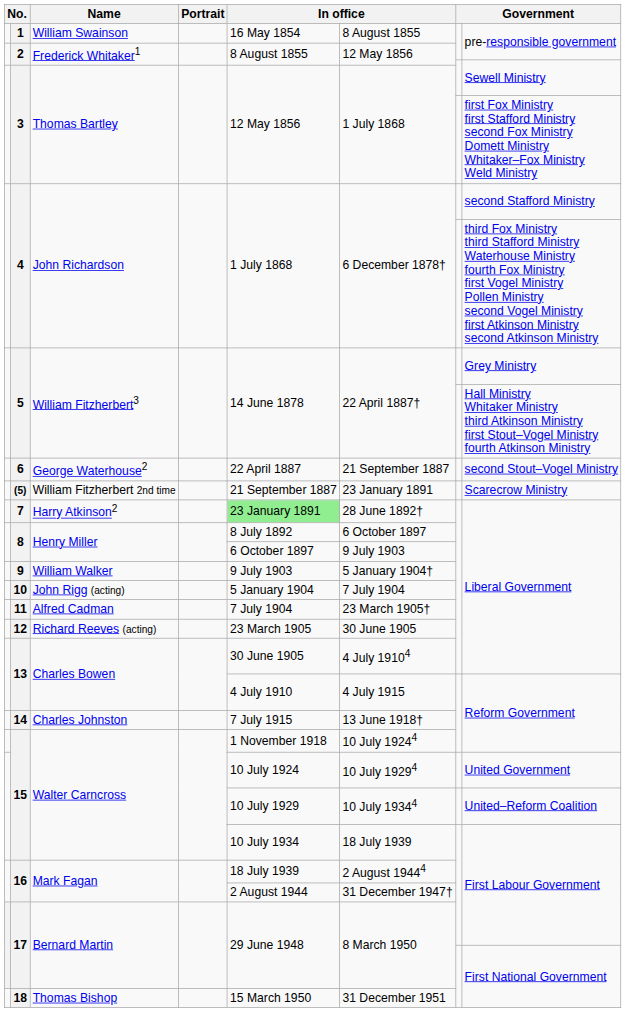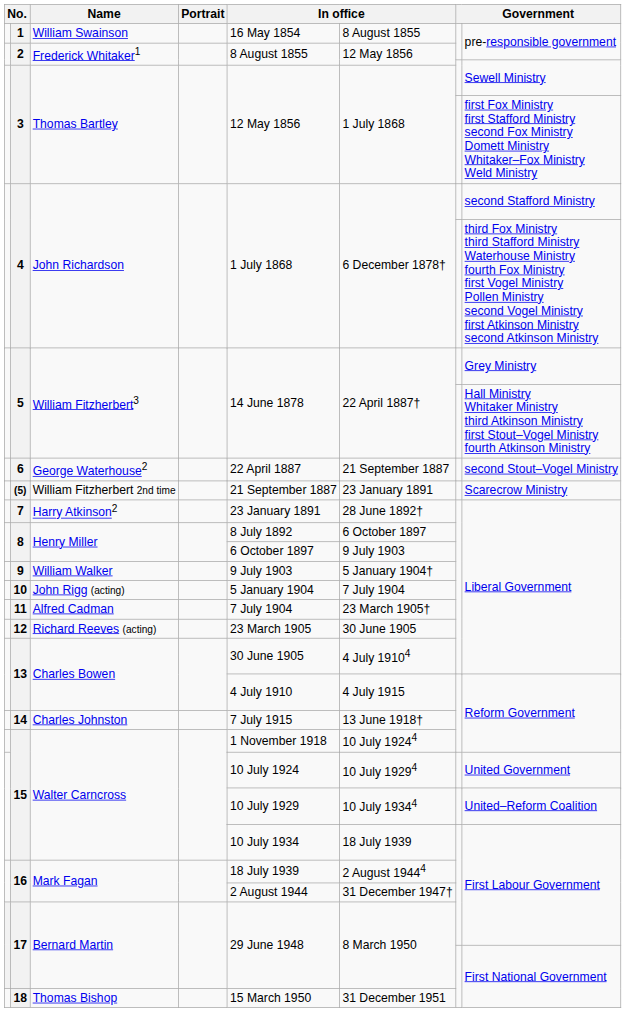 <table class="wikitable">
 <tr>
 <th colspan=2>No.</th>
 <th>Name</th>
 <th>Portrait</th>
 <th colspan=2>In office</th>
 <th colspan=2>Government</th>
 </tr>
 <tr>
 <td width=1 bgcolor=></td>
 <th>1</th>
 <td><a href='#'>William Swainson</a></td>
 <td></td>
 <td>16 May 1854</td>
 <td>8 August 1855</td>
 <td width=1 rowspan=2 height=40 bgcolor=></td>
 <td rowspan=2>pre-<a href='#'>responsible government</a></td>
 </tr>
 <tr>
 <td rowspan=2 bgcolor=></td>
 <th rowspan=2>2</th>
 <td rowspan=2><a href='#'>Frederick Whitaker</a><sup>1</sup></td>
 <td rowspan=2></td>
 <td rowspan=2>8 August 1855</td>
 <td rowspan=2>12 May 1856</td>
 </tr>
 <tr>
 <td rowspan=2 height=40 bgcolor=></td>
 <td rowspan=2><a href='#'>Sewell Ministry</a></td>
 </tr>
 <tr>
 <td rowspan=3 bgcolor=></td>
 <th rowspan=3>3</th>
 <td rowspan=3><a href='#'>Thomas Bartley</a></td>
 <td rowspan=3></td>
 <td rowspan=3>12 May 1856</td>
 <td rowspan=3>1 July 1868</td>
 </tr>
 <tr>
 <td bgcolor=></td>
 <td><a href='#'>first Fox Ministry</a><br> <a href='#'>first Stafford Ministry</a><br> <a href='#'>second Fox Ministry</a><br> <a href='#'>Domett Ministry</a><br> <a href='#'>Whitaker–Fox Ministry</a><br> <a href='#'>Weld Ministry</a></td>
 </tr>
 <tr>
 <td rowspan=2 height=40 bgcolor=></td>
 <td rowspan=2><a href='#'>second Stafford Ministry</a></td>
 </tr>
 <tr>
 <td rowspan=3 bgcolor=></td>
 <th rowspan=3>4</th>
 <td rowspan=3><a href='#'>John Richardson</a></td>
 <td rowspan=3></td>
 <td rowspan=3>1 July 1868</td>
 <td rowspan=3>6 December 1878†</td>
 </tr>
 <tr>
 <td bgcolor=></td>
 <td><a href='#'>third Fox Ministry</a><br> <a href='#'>third Stafford Ministry</a><br> <a href='#'>Waterhouse Ministry</a><br> <a href='#'>fourth Fox Ministry</a><br> <a href='#'>first Vogel Ministry</a><br> <a href='#'>Pollen Ministry</a><br> <a href='#'>second Vogel Ministry</a><br> <a href='#'>first Atkinson Ministry</a><br> <a href='#'>second Atkinson Ministry</a></td>
 </tr>
 <tr>
 <td rowspan=2 height=40 bgcolor=></td>
 <td rowspan=2><a href='#'>Grey Ministry</a></td>
 </tr>
 <tr>
 <td rowspan=3 bgcolor=></td>
 <th rowspan=3>5</th>
 <td rowspan=3><a href='#'>William Fitzherbert</a><sup>3</sup></td>
 <td rowspan=3></td>
 <td rowspan=3>14 June 1878</td>
 <td rowspan=3>22 April 1887†</td>
 </tr>
 <tr>
 <td bgcolor=></td>
 <td><a href='#'>Hall Ministry</a><br> <a href='#'>Whitaker Ministry</a><br> <a href='#'>third Atkinson Ministry</a><br> <a href='#'>first Stout–Vogel Ministry</a><br> <a href='#'>fourth Atkinson Ministry</a></td>
 </tr>
 <tr>
 <td rowspan=3 bgcolor=></td>
 <td rowspan=3><a href='#'>second Stout–Vogel Ministry</a></td>
 </tr>
 <tr>
 <td bgcolor=></td>
 <th>6</th>
 <td><a href='#'>George Waterhouse</a><sup>2</sup></td>
 <td></td>
 <td>22 April 1887</td>
 <td>21 September 1887</td>
 </tr>
 <tr>
 <td rowspan=2 bgcolor=></td>
 <th rowspan=2><small>(5)</small></th>
 <td rowspan=2>William Fitzherbert <small>2nd time</small></td>
 <td rowspan=2></td>
 <td rowspan=2>21 September 1887</td>
 <td rowspan=2>23 January 1891</td>
 </tr>
 <tr>
 <td bgcolor=></td>
 <td><a href='#'>Scarecrow Ministry</a></td>
 </tr>
 <tr>
 <td bgcolor=></td>
 <th>7</th>
 <td><a href='#'>Harry Atkinson</a><sup>2</sup></td>
 <td></td>
-<td style="background: lightgreen;">23 January 1891</td>
+<td>23 January 1891</td>
 <td>28 June 1892†</td>
 <td height=25 rowspan=9 bgcolor=></td>
 <td rowspan=9><a href='#'>Liberal Government</a></td>
 </tr>
 <tr>
 <td rowspan=2 bgcolor=></td>
 <th rowspan=2>8</th>
 <td rowspan=2><a href='#'>Henry Miller</a></td>
 <td rowspan=2></td>
 <td>8 July 1892</td>
 <td>6 October 1897</td>
 </tr>
 <tr>
 <td>6 October 1897</td>
 <td>9 July 1903</td>
 </tr>
 <tr>
 <td bgcolor=></td>
 <th>9</th>
 <td><a href='#'>William Walker</a></td>
 <td></td>
 <td>9 July 1903</td>
 <td>5 January 1904†</td>
 </tr>
 <tr>
 <td bgcolor=></td>
 <th>10</th>
 <td><a href='#'>John Rigg</a> <small>(acting)</small></td>
 <td></td>
 <td>5 January 1904</td>
 <td>7 July 1904</td>
 </tr>
 <tr>
 <td bgcolor=></td>
 <th>11</th>
 <td><a href='#'>Alfred Cadman</a></td>
 <td></td>
 <td>7 July 1904</td>
 <td>23 March 1905†</td>
 </tr>
 <tr>
 <td bgcolor=></td>
 <th>12</th>
 <td><a href='#'>Richard Reeves</a> <small>(acting)</small></td>
 <td></td>
 <td>23 March 1905</td>
 <td>30 June 1905</td>
 </tr>
 <tr>
 <td rowspan=3 bgcolor=></td>
 <th rowspan=3>13</th>
 <td rowspan=3><a href='#'>Charles Bowen</a></td>
 <td rowspan=3></td>
 <td height=40>30 June 1905</td>
 <td>4 July 1910<sup>4</sup></td>
 </tr>
 <tr>
 <td rowspan=2 height=40>4 July 1910</td>
 <td rowspan=2>4 July 1915</td>
 </tr>
 <tr>
 <td rowspan=4 height=80 bgcolor=></td>
 <td rowspan=4><a href='#'>Reform Government</a></td>
 </tr>
 <tr>
 <td bgcolor=></td>
 <th>14</th>
 <td><a href='#'>Charles Johnston</a></td>
 <td></td>
 <td>7 July 1915</td>
 <td>13 June 1918†</td>
 </tr>
 <tr>
 <td rowspan=2 bgcolor=></td>
 <th rowspan=7 height=40>15</th>
 <td rowspan=7><a href='#'>Walter Carncross</a></td>
 <td rowspan=7></td>
 <td>1 November 1918</td>
 <td>10 July 1924<sup>4</sup></td>
 </tr>
 <tr>
 <td rowspan=2 height=40>10 July 1924</td>
 <td rowspan=2>10 July 1929<sup>4</sup></td>
 </tr>
 <tr>
 <td rowspan=5 bgcolor=></td>
 <td rowspan=2 bgcolor=></td>
 <td rowspan=2><a href='#'>United Government</a></td>
 </tr>
 <tr>
 <td rowspan=2 height=40>10 July 1929</td>
 <td rowspan=2>10 July 1934<sup>4</sup></td>
 </tr>
 <tr>
 <td rowspan=2 bgcolor=></td>
 <td rowspan=2><a href='#'>United–Reform Coalition</a></td>
 </tr>
 <tr>
 <td rowspan=2 height=40>10 July 1934</td>
 <td rowspan=2>18 July 1939</td>
 </tr>
 <tr>
 <td rowspan=4 height=80 bgcolor=></td>
 <td rowspan=4><a href='#'>First Labour Government</a></td>
 </tr>
 <tr>
 <td rowspan=2 bgcolor=></td>
 <th rowspan=2 height=40>16</th>
 <td rowspan=2><a href='#'>Mark Fagan</a></td>
 <td rowspan=2></td>
 <td>18 July 1939</td>
 <td>2 August 1944<sup>4</sup></td>
 </tr>
 <tr>
 <td>2 August 1944</td>
 <td>31 December 1947†</td>
 </tr>
 <tr>
 <th height=50 style="border-bottom:solid 0 grey; background:"></th>
 <th rowspan=2>17</th>
 <td rowspan=2><a href='#'>Bernard Martin</a></td>
 <td rowspan=2></td>
 <td rowspan=2>29 June 1948</td>
 <td rowspan=2>8 March 1950</td>
 </tr>
 <tr>
 <th height=50 style="border-top:solid 0 grey; background:"></th>
 <td rowspan=2 height=40 bgcolor=></td>
 <td rowspan=2><a href='#'>First National Government</a></td>
 </tr>
 <tr>
 <td bgcolor=></td>
 <th>18</th>
 <td><a href='#'>Thomas Bishop</a></td>
 <td></td>
 <td>15 March 1950</td>
 <td>31 December 1951</td>
 </tr>
 </table>
